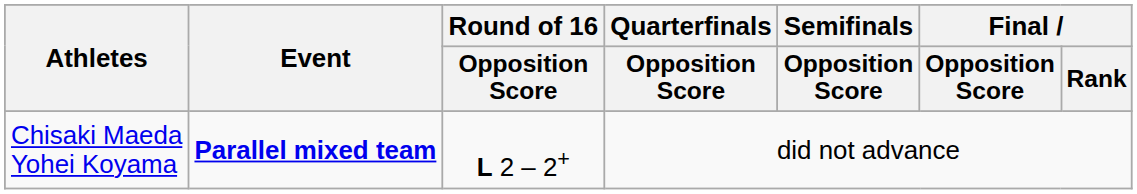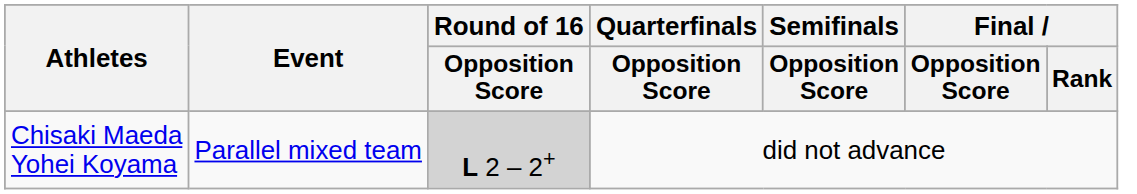 <table class="wikitable" style="font-size:90%">
 <tr>
 <th rowspan="2">Athletes</th>
 <th rowspan="2">Event</th>
 <th>Round of 16</th>
 <th>Quarterfinals</th>
 <th>Semifinals</th>
 <th colspan="2">Final / </th>
 </tr>
 <tr style="font-size:95%">
 <th>Opposition<br>Score</th>
 <th>Opposition<br>Score</th>
 <th>Opposition<br>Score</th>
 <th>Opposition<br>Score</th>
 <th>Rank</th>
 </tr>
 <tr align=center>
 <td align=left><a href='#'>Chisaki Maeda</a><br><a href='#'>Yohei Koyama</a></td>
-<td align=left><strong><a href='#'>Parallel mixed team</a></strong></td>
-<td><br><strong>L</strong> 2 – 2<sup>+</sup></td>
+<td align=left><a href='#'>Parallel mixed team</a></td>
+<td style="background: lightgrey;"><br><strong>L</strong> 2 – 2<sup>+</sup></td>
 <td colspan=4>did not advance</td>
 </tr>
 </table>
